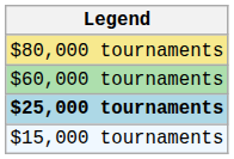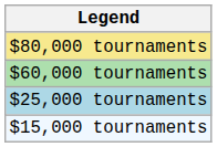 <table class=wikitable style="font-size:85%;">
 <tr>
 <th>Legend</th>
 </tr>
 <tr style="background:#f7e98e;">
 <td>$80,000 tournaments</td>
 </tr>
 <tr style="background:#addfad;">
 <td>$60,000 tournaments</td>
 </tr>
 <tr style="background:lightblue;">
-<td><strong>$25,000 tournaments</strong></td>
+<td>$25,000 tournaments</td>
 </tr>
 <tr style=background:#f0f8ff;>
 <td>$15,000 tournaments</td>
 </tr>
 </table>
